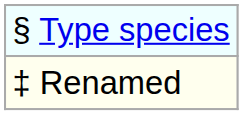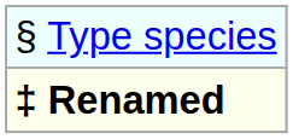 <table class="wikitable" style="text-align: left; background-color: #eaeaea;">
 <tr>
 <td style="background-color: #eeffff; vertical-align: top;">§ <a href='#'>Type species</a></td>
 </tr>
 <tr>
-<td style="background-color: #ffffee; vertical-align: top;">‡ Renamed</td>
+<td style="background-color: #ffffee; vertical-align: top;"><strong>‡ Renamed</strong></td>
 </tr>
 </table>
